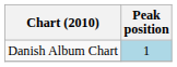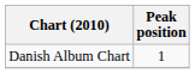 <table class="wikitable">
 <tr>
 <th>Chart (2010)</th>
 <th>Peak<br>position</th>
 </tr>
 <tr>
 <td>Danish Album Chart</td>
-<td align="center" style="background: lightblue;">1</td>
+<td align="center">1</td>
 </tr>
 <tr>
 </tr>
 </table>
